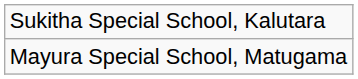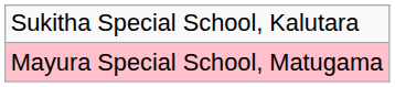 <table class="wikitable">
 <tr>
 <td>Sukitha Special School, Kalutara</td>
 </tr>
 <tr>
-<td>Mayura Special School, Matugama</td>
+<td style="background: pink;">Mayura Special School, Matugama</td>
 </tr>
 </table>
